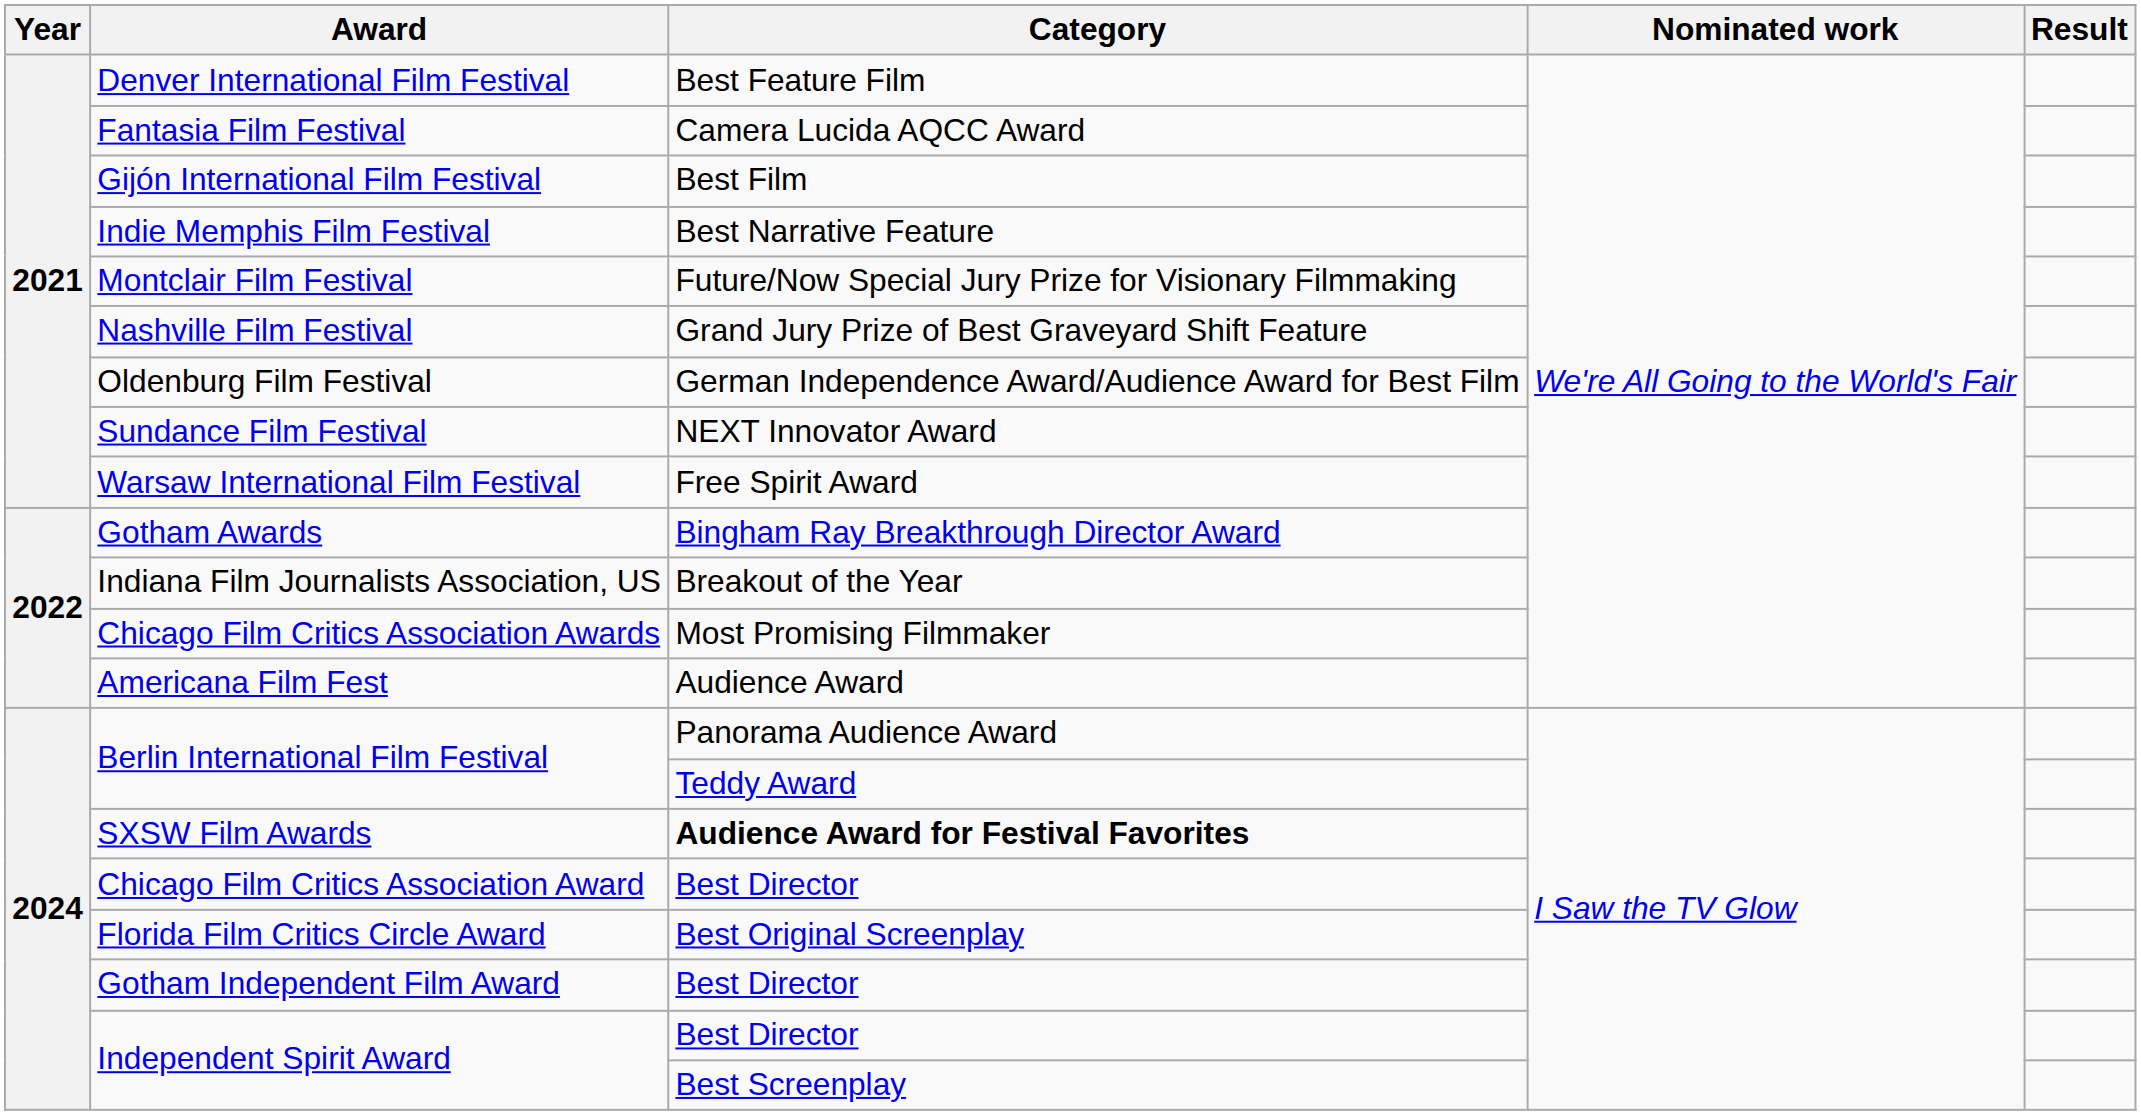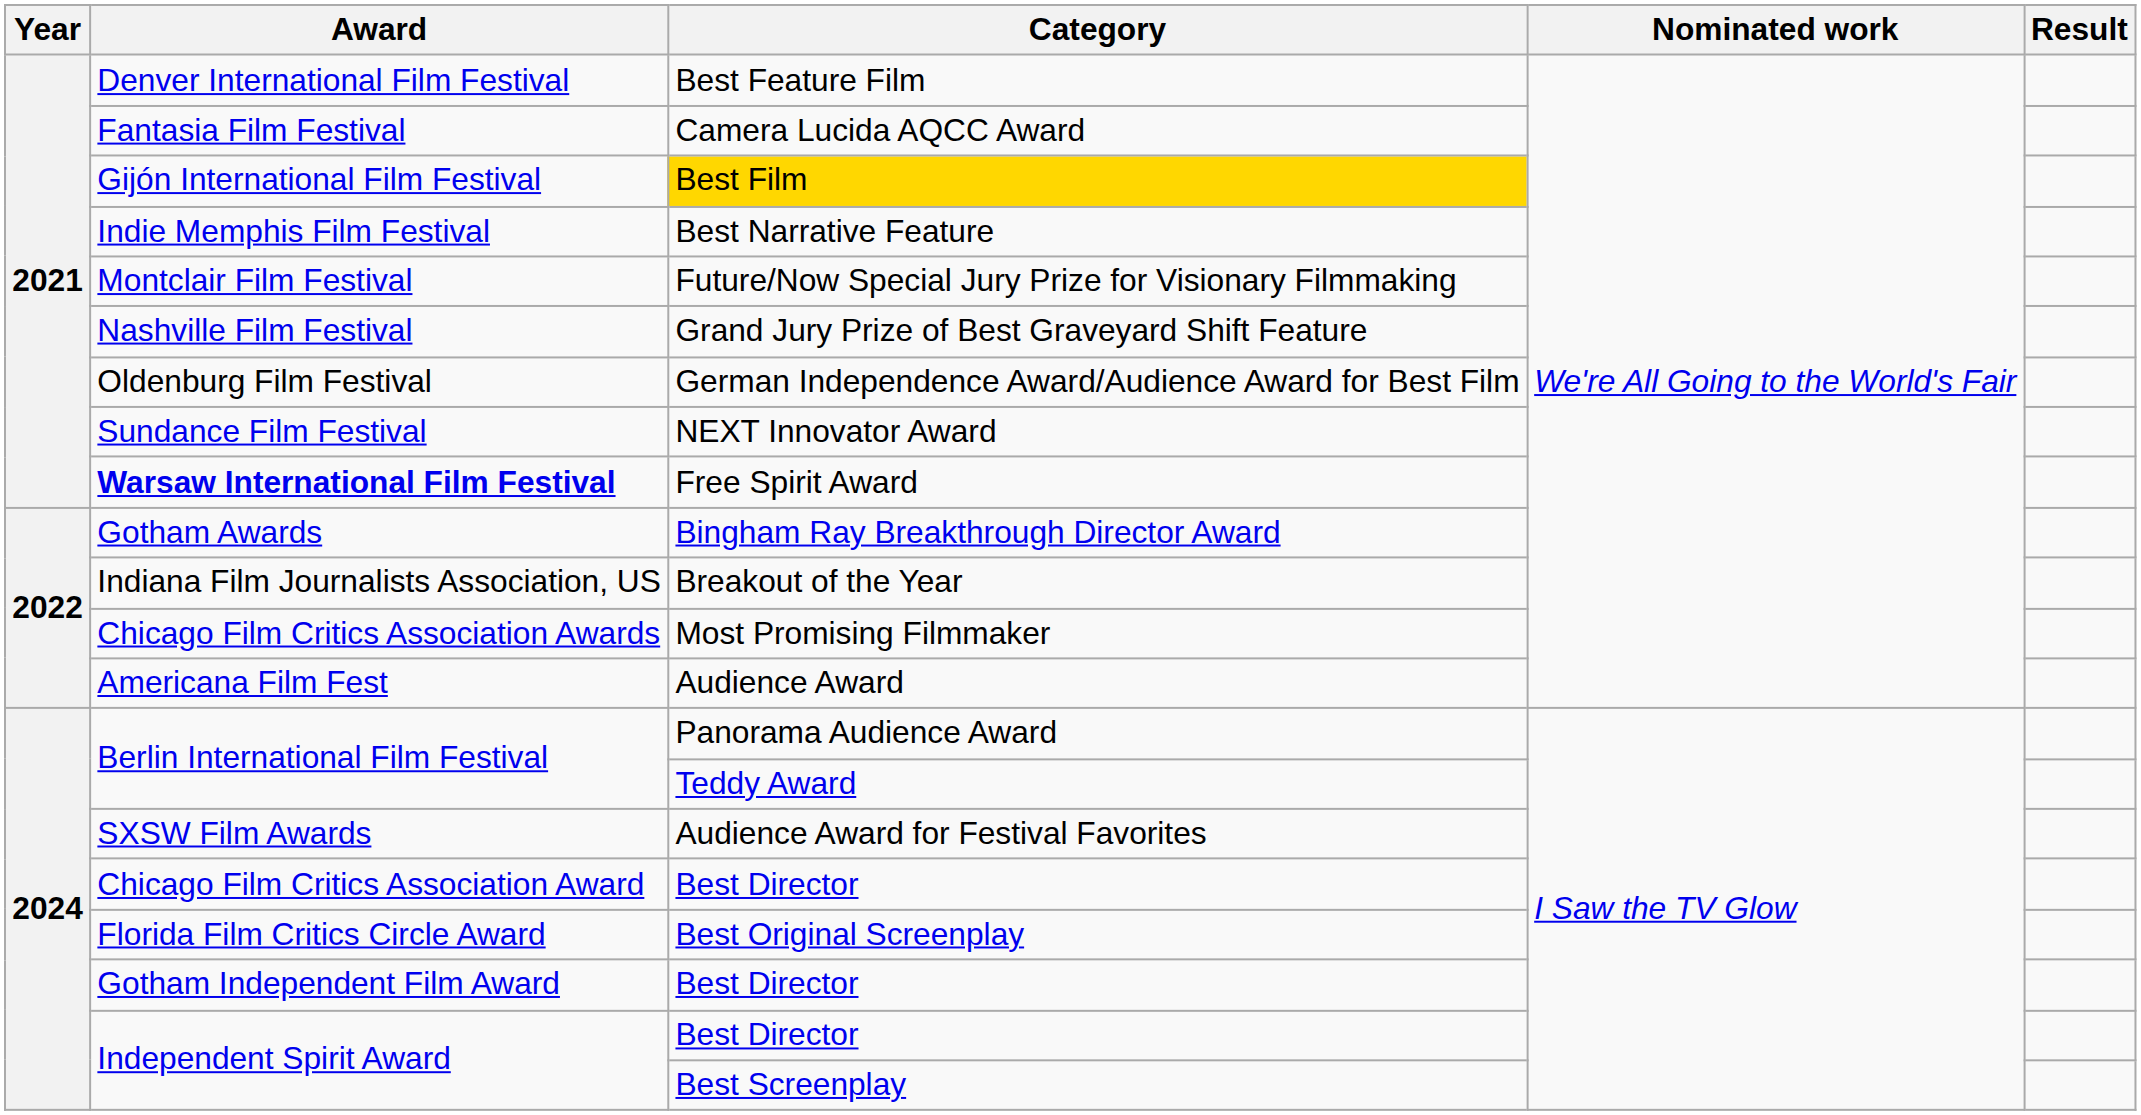 <table class="wikitable plainrowheaders">
 <tr>
 <th scope="col">Year</th>
 <th scope="col">Award</th>
 <th scope="col">Category</th>
 <th scope="col">Nominated work</th>
 <th scope="col">Result</th>
 </tr>
 <tr>
 <th scope="row" rowspan="9">2021</th>
 <td><a href='#'>Denver International Film Festival</a></td>
 <td>Best Feature Film</td>
 <td rowspan="13"><em><a href='#'>We're All Going to the World's Fair</a></em></td>
 <td></td>
 </tr>
 <tr>
 <td><a href='#'>Fantasia Film Festival</a></td>
 <td>Camera Lucida AQCC Award</td>
 <td></td>
 </tr>
 <tr>
 <td><a href='#'>Gijón International Film Festival</a></td>
-<td>Best Film</td>
+<td style="background: gold;">Best Film</td>
 <td></td>
 </tr>
 <tr>
 <td><a href='#'>Indie Memphis Film Festival</a></td>
 <td>Best Narrative Feature</td>
 <td></td>
 </tr>
 <tr>
 <td><a href='#'>Montclair Film Festival</a></td>
 <td>Future/Now Special Jury Prize for Visionary Filmmaking</td>
 <td></td>
 </tr>
 <tr>
 <td><a href='#'>Nashville Film Festival</a></td>
 <td>Grand Jury Prize of Best Graveyard Shift Feature</td>
 <td></td>
 </tr>
 <tr>
 <td>Oldenburg Film Festival</td>
 <td>German Independence Award/Audience Award for Best Film</td>
 <td></td>
 </tr>
 <tr>
 <td><a href='#'>Sundance Film Festival</a></td>
 <td>NEXT Innovator Award</td>
 <td></td>
 </tr>
 <tr>
-<td><a href='#'>Warsaw International Film Festival</a></td>
+<td><strong><a href='#'>Warsaw International Film Festival</a></strong></td>
 <td>Free Spirit Award</td>
 <td></td>
 </tr>
 <tr>
 <th scope="row" rowspan="4">2022</th>
 <td><a href='#'>Gotham Awards</a></td>
 <td><a href='#'>Bingham Ray Breakthrough Director Award</a></td>
 <td></td>
 </tr>
 <tr>
 <td>Indiana Film Journalists Association, US</td>
 <td>Breakout of the Year</td>
 <td></td>
 </tr>
 <tr>
 <td><a href='#'>Chicago Film Critics Association Awards</a></td>
 <td>Most Promising Filmmaker</td>
 <td></td>
 </tr>
 <tr>
 <td><a href='#'>Americana Film Fest</a></td>
 <td>Audience Award</td>
 <td></td>
 </tr>
 <tr>
 <th scope="row" rowspan="8">2024</th>
 <td rowspan="2"><a href='#'>Berlin International Film Festival</a></td>
 <td>Panorama Audience Award</td>
 <td rowspan="8"><em><a href='#'>I Saw the TV Glow</a></em></td>
 <td></td>
 </tr>
 <tr>
 <td><a href='#'>Teddy Award</a></td>
 <td></td>
 </tr>
 <tr>
 <td><a href='#'>SXSW Film Awards</a></td>
-<td><strong>Audience Award for Festival Favorites</strong></td>
+<td>Audience Award for Festival Favorites</td>
 <td></td>
 </tr>
 <tr>
 <td><a href='#'>Chicago Film Critics Association Award</a></td>
 <td><a href='#'>Best Director</a></td>
 <td></td>
 </tr>
 <tr>
 <td><a href='#'>Florida Film Critics Circle Award</a></td>
 <td><a href='#'>Best Original Screenplay</a></td>
 <td></td>
 </tr>
 <tr>
 <td><a href='#'>Gotham Independent Film Award</a></td>
 <td><a href='#'>Best Director</a></td>
 <td></td>
 </tr>
 <tr>
 <td rowspan="2"><a href='#'>Independent Spirit Award</a></td>
 <td><a href='#'>Best Director</a></td>
 <td></td>
 </tr>
 <tr>
 <td><a href='#'>Best Screenplay</a></td>
 <td></td>
 </tr>
 </table>
